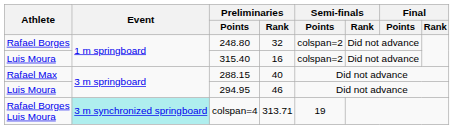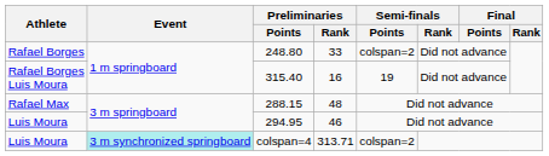 <table class="wikitable" style="text-align:center; font-size:90%;">
 <tr>
 <th rowspan=2>Athlete</th>
 <th rowspan=2>Event</th>
 <th colspan=2>Preliminaries</th>
 <th colspan=2>Semi-finals</th>
 <th colspan=2>Final</th>
 </tr>
 <tr style="font-size:95%">
 <th>Points</th>
 <th>Rank</th>
 <th>Points</th>
 <th>Rank</th>
 <th>Points</th>
 <th>Rank</th>
 </tr>
 <tr>
 <td align=left><a href='#'>Rafael Borges</a></td>
 <td align=left rowspan=2><a href='#'>1 m springboard</a></td>
 <td>248.80</td>
-<td>32</td>
+<td>33</td>
 <td>colspan=2 </td>
 <td colspan=2>Did not advance</td>
 </tr>
 <tr>
-<td align=left><a href='#'>Luis Moura</a></td>
+<td align=left><a href='#'>Rafael Borges</a><br> <a href='#'>Luis Moura</a></td>
 <td>315.40</td>
 <td>16</td>
-<td>colspan=2 </td>
+<td>19</td>
 <td colspan=2>Did not advance</td>
 </tr>
 <tr>
 <td align=left><a href='#'>Rafael Max</a></td>
 <td align=left rowspan=2><a href='#'>3 m springboard</a></td>
 <td>288.15</td>
-<td>40</td>
+<td>48</td>
 <td colspan=4>Did not advance</td>
 </tr>
 <tr>
 <td align=left><a href='#'>Luis Moura</a></td>
 <td>294.95</td>
 <td>46</td>
 <td colspan=4>Did not advance</td>
 </tr>
 <tr>
-<td align=left><a href='#'>Rafael Borges</a><br> <a href='#'>Luis Moura</a></td>
+<td align=left><a href='#'>Luis Moura</a></td>
 <td align=left style="background: paleturquoise;"><a href='#'>3 m synchronized springboard</a></td>
 <td>colspan=4 </td>
 <td>313.71</td>
-<td>19</td>
+<td>colspan=2 </td>
 </tr>
 </table>
